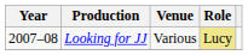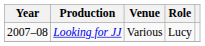 <table class="wikitable">
 <tr>
 <th scope="col">Year</th>
 <th scope="col">Production</th>
 <th scope="col">Venue</th>
 <th scope="col">Role</th>
 <th scope="col" class="unsortable"></th>
 </tr>
 <tr>
 <td>2007–08</td>
 <td><em><a href='#'>Looking for JJ</a></em></td>
 <td>Various</td>
-<td style="background: khaki;">Lucy</td>
+<td>Lucy</td>
 <td style="text-align:center;"></td>
 </tr>
 <tr>
 </tr>
 </table>
